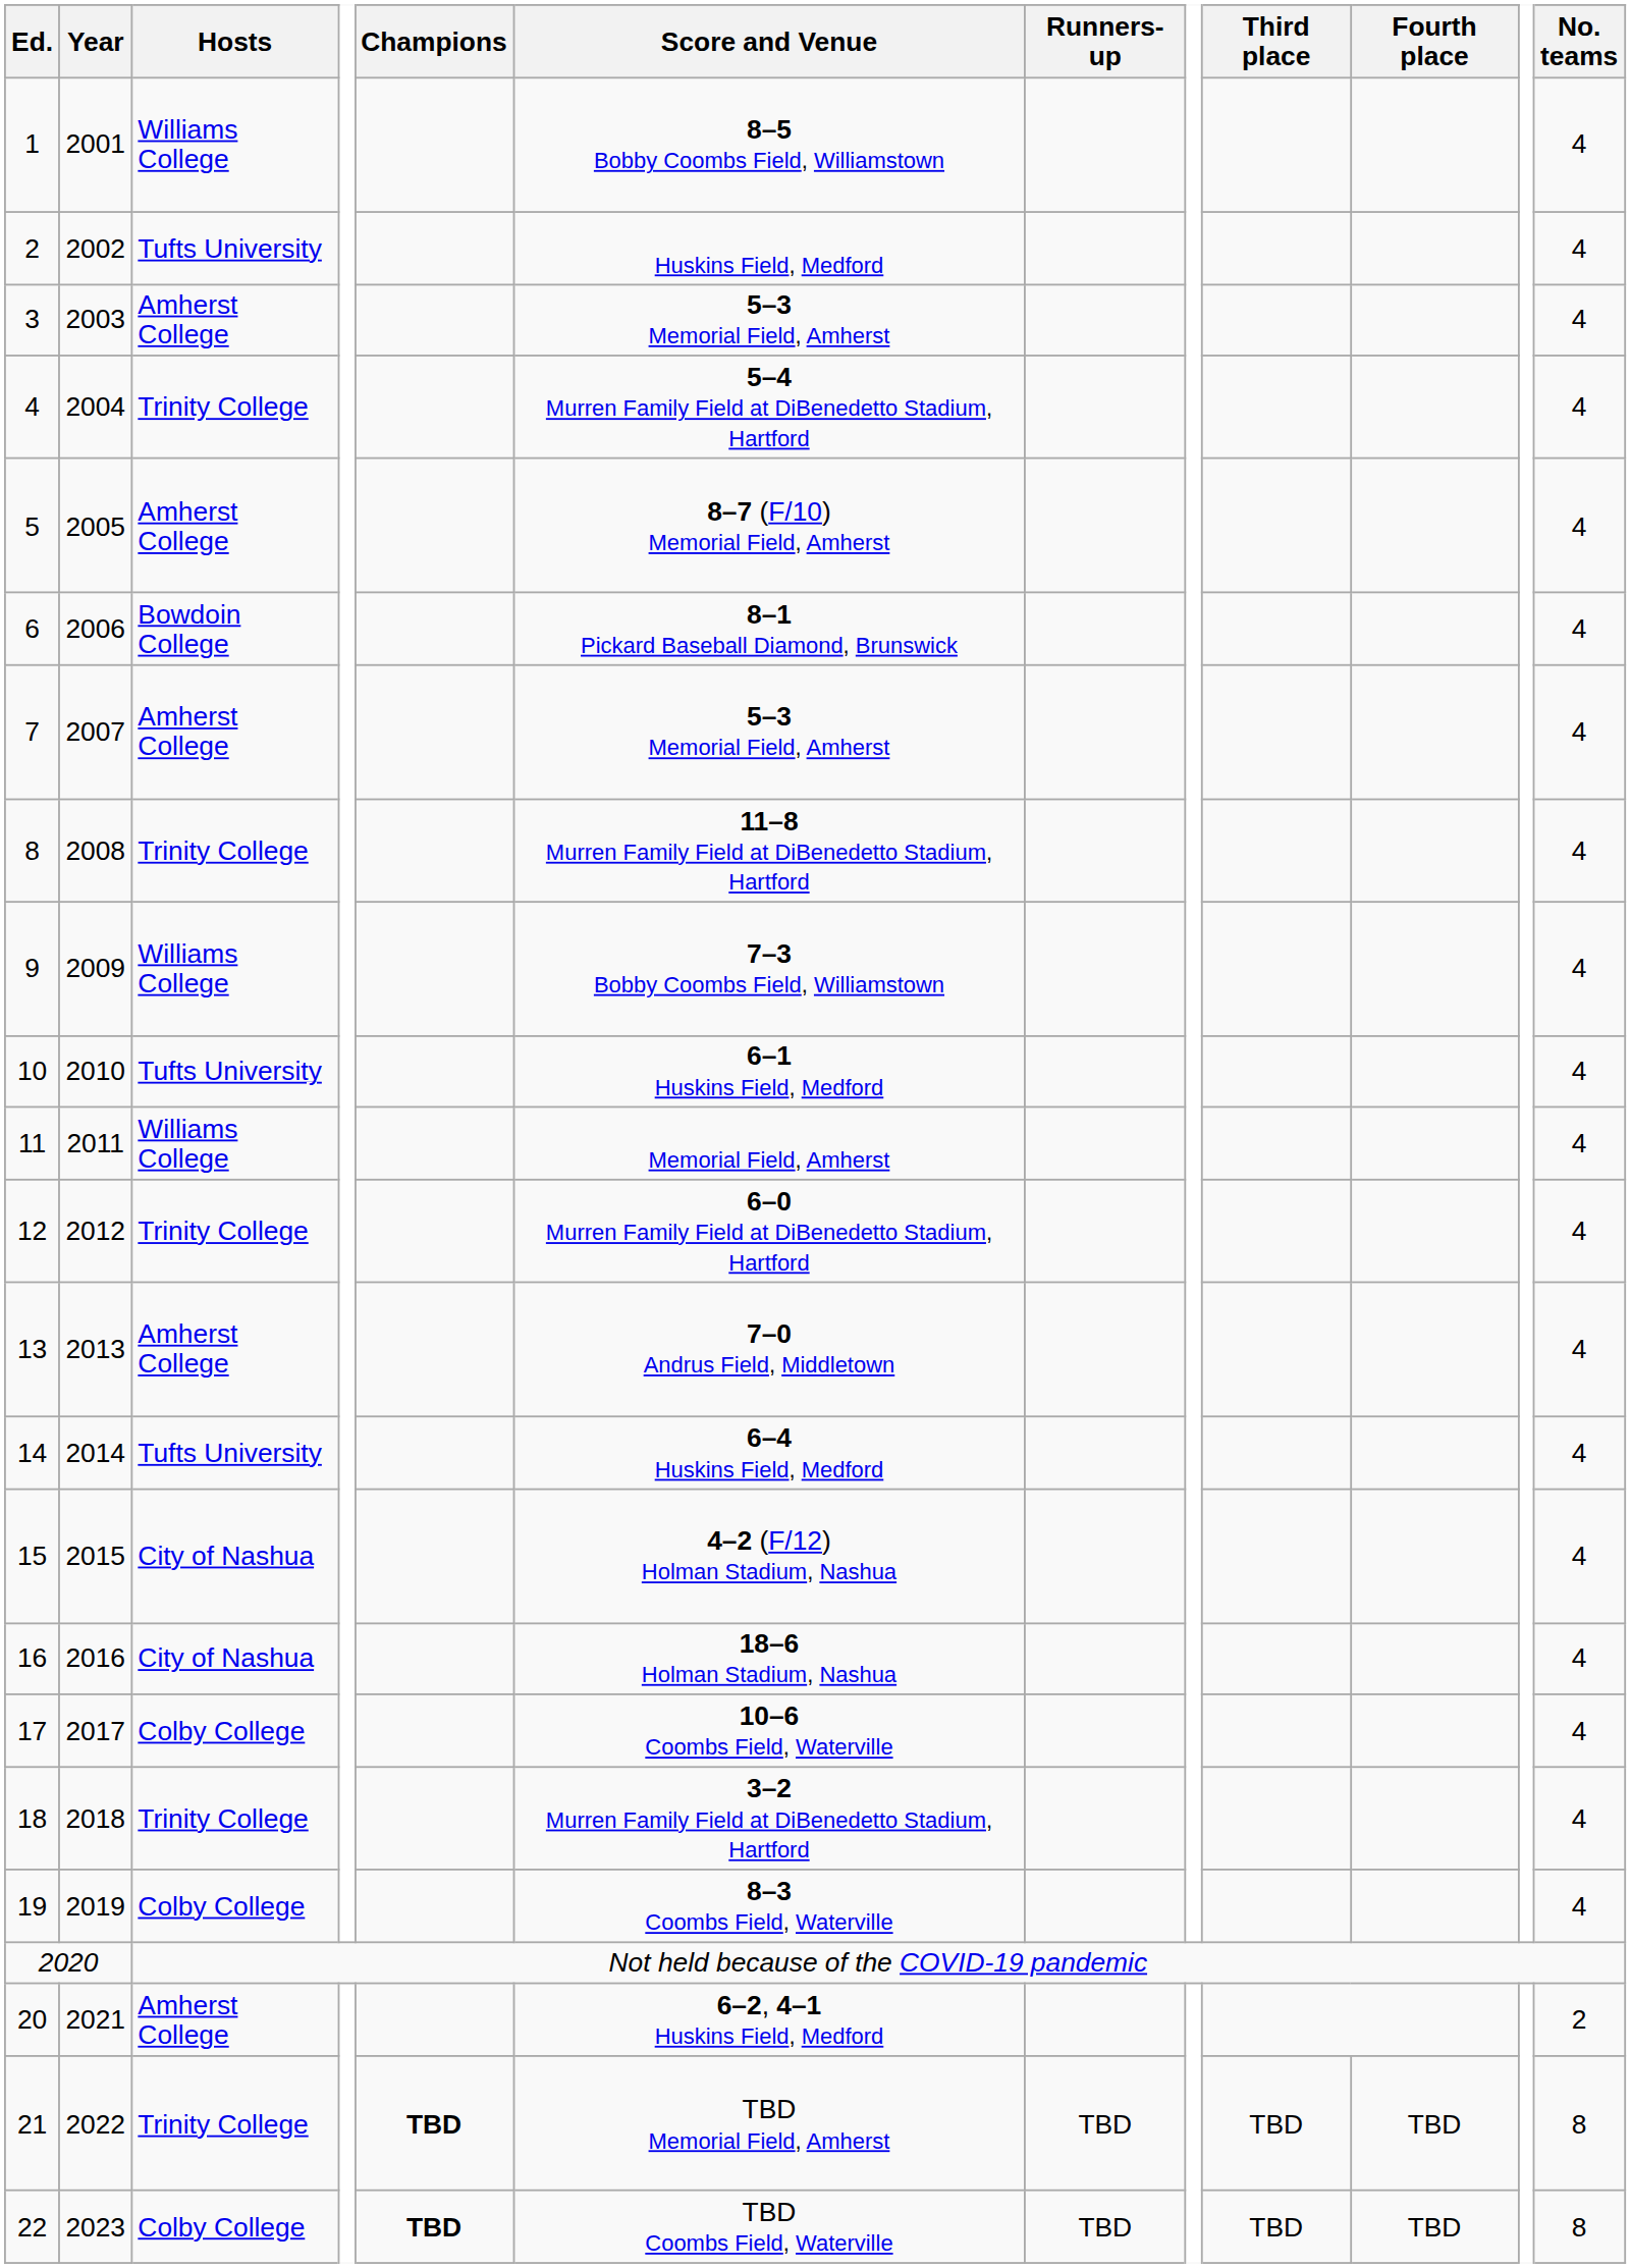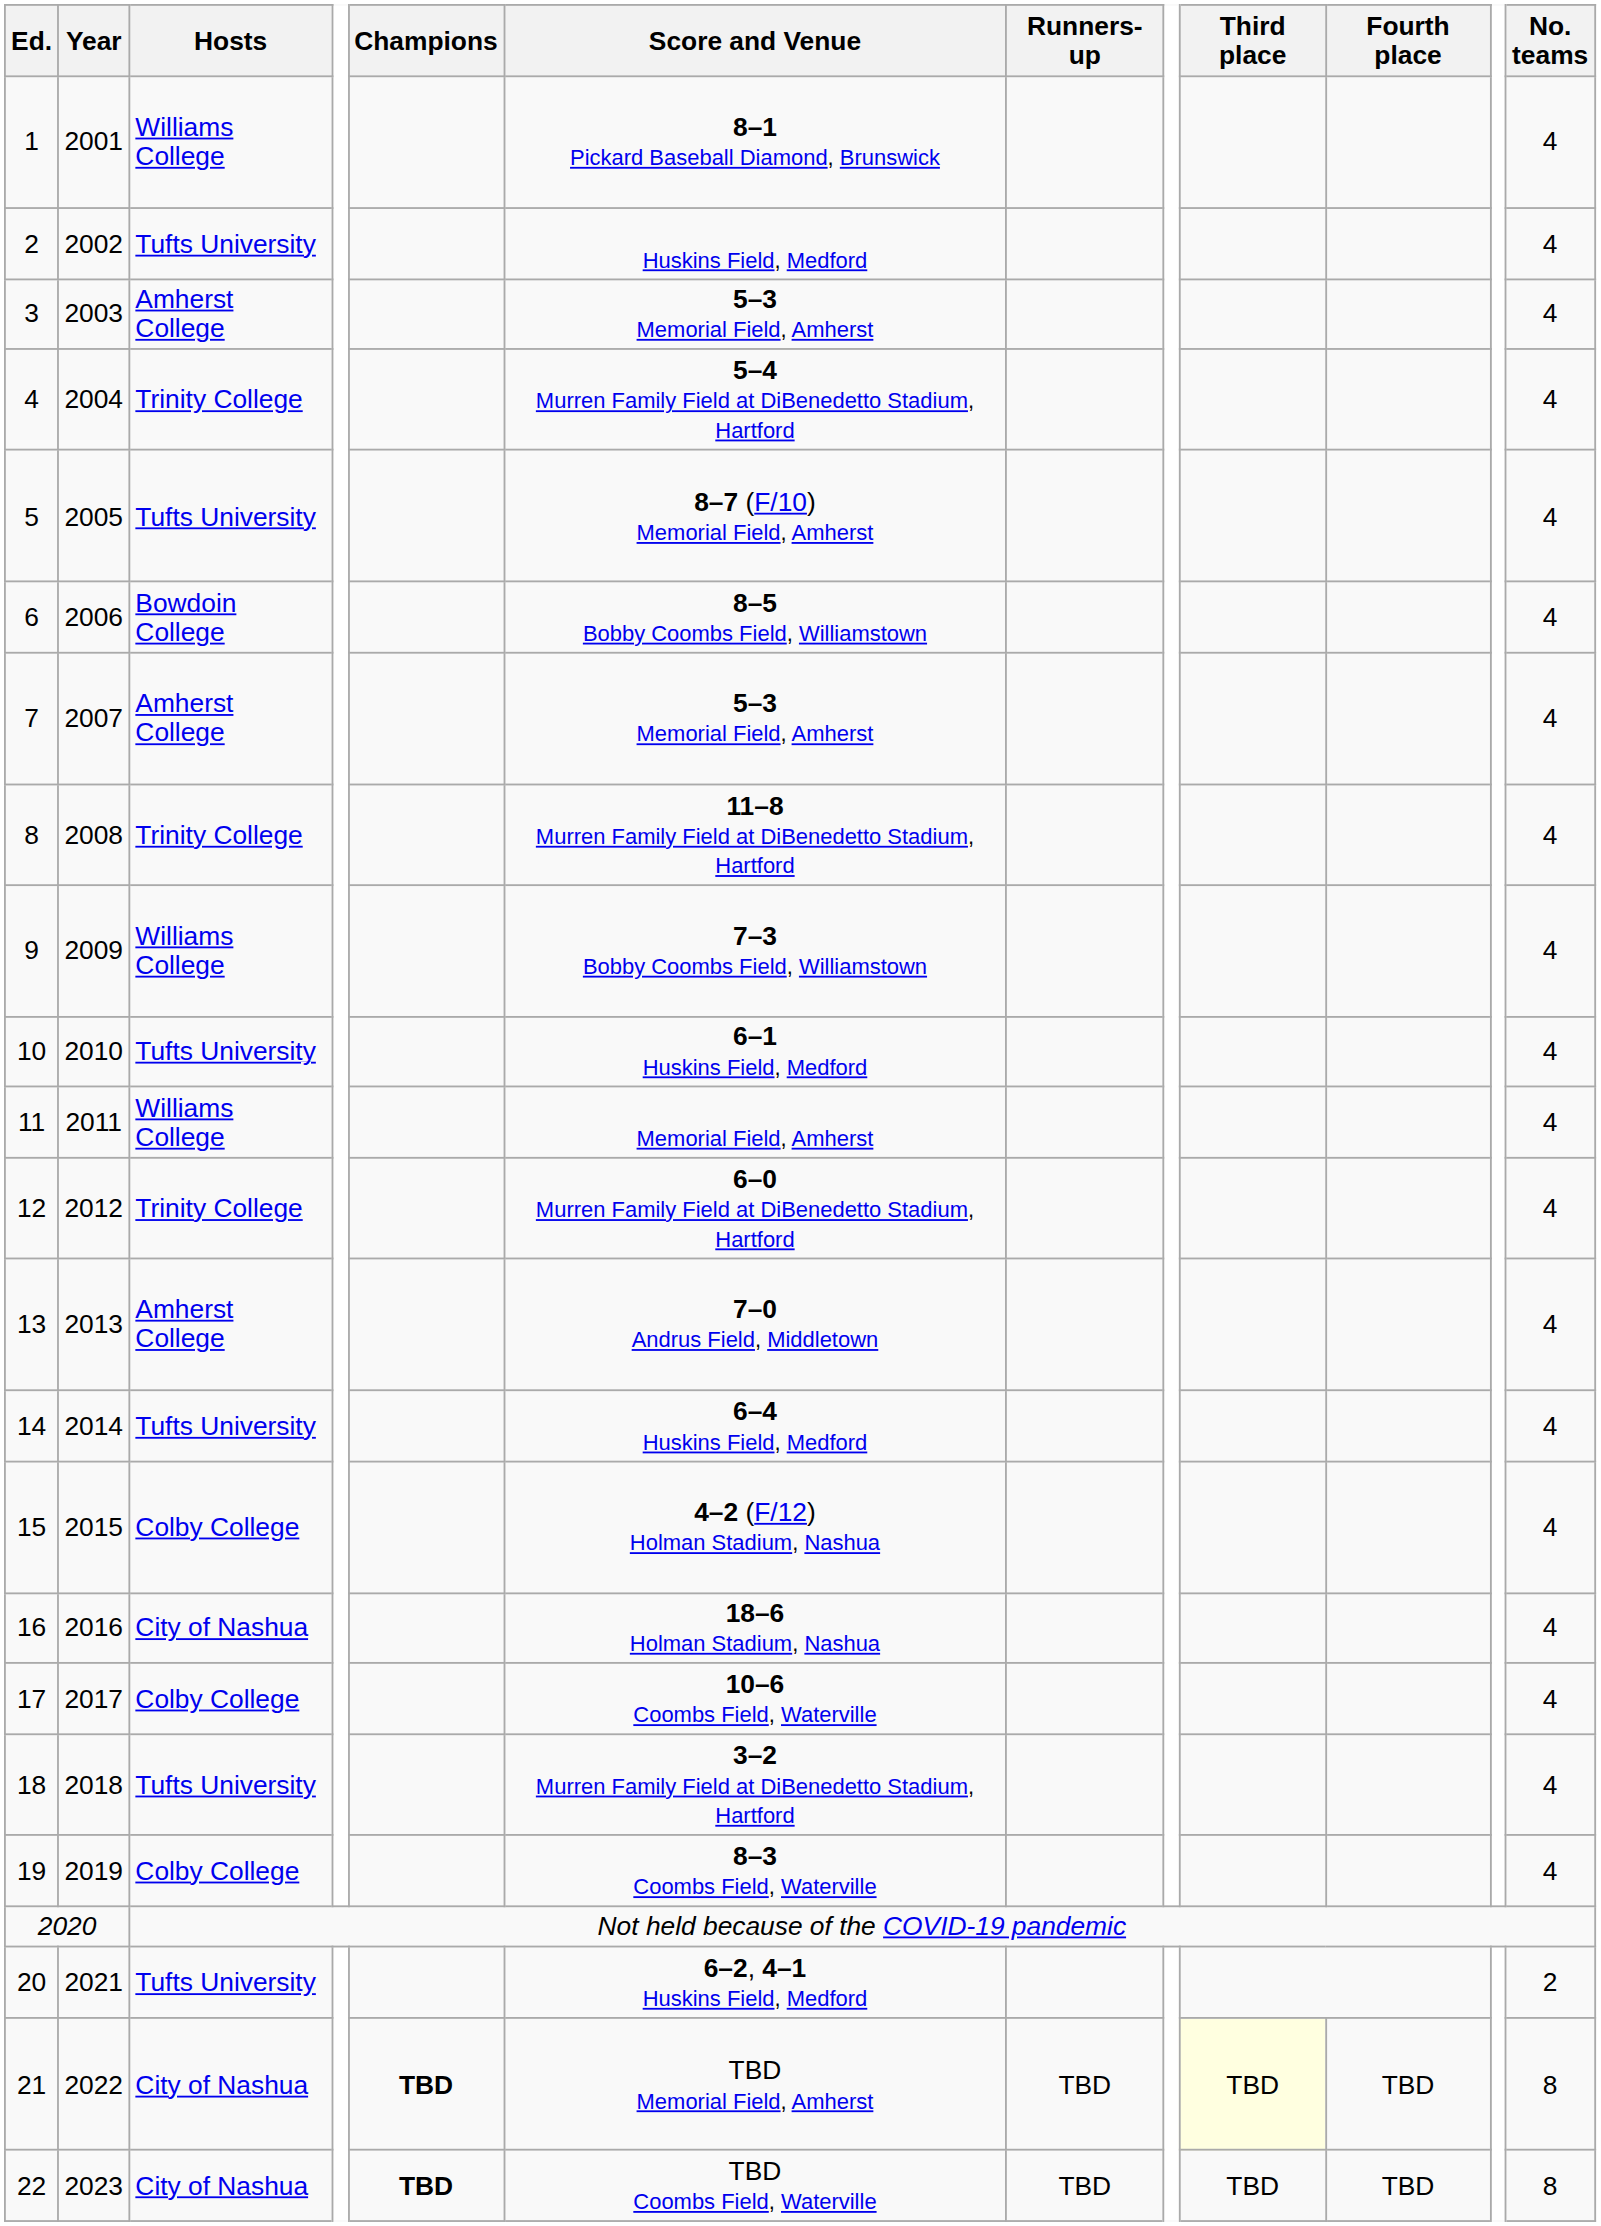 <table class="wikitable" style="text-align:center; font-size:90%; width:%;">
 <tr>
 <th>Ed.</th>
 <th>Year</th>
 <th>Hosts</th>
 <td rowspan="20" style="width:1%;background:#fff;border-top-style:hidden;"></td>
 <th>Champions</th>
 <th>Score and Venue</th>
 <th>Runners-up</th>
 <td rowspan="20" style="width:1%;background:#fff;border-top-style:hidden;"></td>
 <th>Third place</th>
 <th>Fourth place</th>
 <td rowspan="20" style="width:1%;background:#fff;border-top-style:hidden;"></td>
 <th>No.<br>teams</th>
 </tr>
 <tr style="height: 5em;">
 <td>1</td>
 <td>2001</td>
 <td align=left><a href='#'>Williams College</a></td>
 <td><strong></strong></td>
-<td><strong>8–5</strong> <br><small><a href='#'>Bobby Coombs Field</a>, <a href='#'>Williamstown</a></small></td>
+<td><strong>8–1</strong> <br><small><a href='#'>Pickard Baseball Diamond</a>, <a href='#'>Brunswick</a></small></td>
 <td></td>
 <td></td>
 <td></td>
 <td>4</td>
 </tr>
 <tr>
 <td>2</td>
 <td>2002</td>
 <td align=left><a href='#'>Tufts University</a></td>
 <td><strong></strong></td>
 <td><br><small><a href='#'>Huskins Field</a>, <a href='#'>Medford</a></small></td>
 <td></td>
 <td></td>
 <td></td>
 <td>4</td>
 </tr>
 <tr>
 <td>3</td>
 <td>2003</td>
 <td align=left><a href='#'>Amherst College</a></td>
 <td><strong></strong></td>
 <td><strong>5–3</strong> <br><small><a href='#'>Memorial Field</a>, <a href='#'>Amherst</a></small></td>
 <td></td>
 <td></td>
 <td></td>
 <td>4</td>
 </tr>
 <tr>
 <td>4</td>
 <td>2004</td>
 <td align=left><a href='#'>Trinity College</a></td>
 <td><strong></strong></td>
 <td><strong>5–4</strong> <br><small><a href='#'>Murren Family Field at DiBenedetto Stadium</a>, <a href='#'>Hartford</a></small></td>
 <td></td>
 <td></td>
 <td></td>
 <td>4</td>
 </tr>
 <tr style="height: 5em;">
 <td>5</td>
 <td>2005</td>
-<td align=left><a href='#'>Amherst College</a></td>
+<td align=left><a href='#'>Tufts University</a></td>
 <td><strong></strong></td>
 <td><strong>8–7</strong> (<a href='#'>F/10</a>) <br><small><a href='#'>Memorial Field</a>, <a href='#'>Amherst</a></small></td>
 <td></td>
 <td></td>
 <td></td>
 <td>4</td>
 </tr>
 <tr>
 <td>6</td>
 <td>2006</td>
 <td align=left><a href='#'>Bowdoin College</a></td>
 <td><strong></strong></td>
-<td><strong>8–1</strong> <br><small><a href='#'>Pickard Baseball Diamond</a>, <a href='#'>Brunswick</a></small></td>
+<td><strong>8–5</strong> <br><small><a href='#'>Bobby Coombs Field</a>, <a href='#'>Williamstown</a></small></td>
 <td></td>
 <td></td>
 <td></td>
 <td>4</td>
 </tr>
 <tr style="height: 5em;">
 <td>7</td>
 <td>2007</td>
 <td align=left><a href='#'>Amherst College</a></td>
 <td><strong></strong></td>
 <td><strong>5–3</strong> <br><small><a href='#'>Memorial Field</a>, <a href='#'>Amherst</a></small></td>
 <td></td>
 <td></td>
 <td></td>
 <td>4</td>
 </tr>
 <tr>
 <td>8</td>
 <td>2008</td>
 <td align=left><a href='#'>Trinity College</a></td>
 <td><strong></strong></td>
 <td><strong>11–8</strong> <br><small><a href='#'>Murren Family Field at DiBenedetto Stadium</a>, <a href='#'>Hartford</a></small></td>
 <td></td>
 <td></td>
 <td></td>
 <td>4</td>
 </tr>
 <tr style="height: 5em;">
 <td>9</td>
 <td>2009</td>
 <td align=left><a href='#'>Williams College</a></td>
 <td><strong></strong></td>
 <td><strong>7–3</strong> <br><small><a href='#'>Bobby Coombs Field</a>, <a href='#'>Williamstown</a></small></td>
 <td></td>
 <td></td>
 <td></td>
 <td>4</td>
 </tr>
 <tr>
 <td>10</td>
 <td>2010</td>
 <td align=left><a href='#'>Tufts University</a></td>
 <td><strong></strong></td>
 <td><strong>6–1</strong> <br><small><a href='#'>Huskins Field</a>, <a href='#'>Medford</a></small></td>
 <td></td>
 <td></td>
 <td></td>
 <td>4</td>
 </tr>
 <tr>
 <td>11</td>
 <td>2011</td>
 <td align=left><a href='#'>Williams College</a></td>
 <td><strong></strong></td>
 <td><br><small><a href='#'>Memorial Field</a>, <a href='#'>Amherst</a></small></td>
 <td></td>
 <td></td>
 <td></td>
 <td>4</td>
 </tr>
 <tr>
 <td>12</td>
 <td>2012</td>
 <td align=left><a href='#'>Trinity College</a></td>
 <td><strong></strong></td>
 <td><strong>6–0</strong> <br><small><a href='#'>Murren Family Field at DiBenedetto Stadium</a>, <a href='#'>Hartford</a></small></td>
 <td></td>
 <td></td>
 <td></td>
 <td>4</td>
 </tr>
 <tr style="height: 5em;">
 <td>13</td>
 <td>2013</td>
 <td align=left><a href='#'>Amherst College</a></td>
 <td><strong></strong></td>
 <td><strong>7–0</strong> <br><small><a href='#'>Andrus Field</a>, <a href='#'>Middletown</a></small></td>
 <td></td>
 <td></td>
 <td></td>
 <td>4</td>
 </tr>
 <tr>
 <td>14</td>
 <td>2014</td>
 <td align=left><a href='#'>Tufts University</a></td>
 <td><strong></strong></td>
 <td><strong>6–4</strong> <br><small><a href='#'>Huskins Field</a>, <a href='#'>Medford</a></small></td>
 <td></td>
 <td></td>
 <td></td>
 <td>4</td>
 </tr>
 <tr style="height: 5em;">
 <td>15</td>
 <td>2015</td>
-<td align=left><a href='#'>City of Nashua</a></td>
+<td align=left><a href='#'>Colby College</a></td>
 <td><strong></strong></td>
 <td><strong>4–2</strong> (<a href='#'>F/12</a>) <br><small><a href='#'>Holman Stadium</a>, <a href='#'>Nashua</a></small></td>
 <td></td>
 <td></td>
 <td></td>
 <td>4</td>
 </tr>
 <tr>
 <td>16</td>
 <td>2016</td>
 <td align=left><a href='#'>City of Nashua</a></td>
 <td><strong></strong></td>
 <td><strong>18–6</strong> <br><small><a href='#'>Holman Stadium</a>, <a href='#'>Nashua</a></small></td>
 <td></td>
 <td></td>
 <td></td>
 <td>4</td>
 </tr>
 <tr>
 <td>17</td>
 <td>2017</td>
 <td align=left><a href='#'>Colby College</a></td>
 <td><strong></strong></td>
 <td><strong>10–6</strong> <br><small><a href='#'>Coombs Field</a>, <a href='#'>Waterville</a></small></td>
 <td></td>
 <td></td>
 <td></td>
 <td>4</td>
 </tr>
 <tr>
 <td>18</td>
 <td>2018</td>
-<td align=left><a href='#'>Trinity College</a></td>
+<td align=left><a href='#'>Tufts University</a></td>
 <td><strong></strong></td>
 <td><strong>3–2</strong> <br><small><a href='#'>Murren Family Field at DiBenedetto Stadium</a>, <a href='#'>Hartford</a></small></td>
 <td></td>
 <td></td>
 <td></td>
 <td>4</td>
 </tr>
 <tr>
 <td>19</td>
 <td>2019</td>
 <td align=left><a href='#'>Colby College</a></td>
 <td><strong></strong></td>
 <td><strong>8–3</strong> <br><small><a href='#'>Coombs Field</a>, <a href='#'>Waterville</a></small></td>
 <td></td>
 <td></td>
 <td></td>
 <td>4</td>
 </tr>
 <tr>
 <td colspan="2"><em>2020</em></td>
 <td colspan="10"><em>Not held because of the <a href='#'>COVID-19 pandemic</a></em></td>
 </tr>
 <tr>
 <td>20</td>
 <td>2021</td>
-<td align=left><a href='#'>Amherst College</a></td>
+<td align=left><a href='#'>Tufts University</a></td>
 <td rowspan="3" style="width:1%;background:#fff;border-bottom-style:hidden;"></td>
 <td><strong></strong></td>
 <td><strong>6–2</strong>, <strong>4–1</strong> <br><small><a href='#'>Huskins Field</a>, <a href='#'>Medford</a></small></td>
 <td></td>
 <td rowspan="3" style="width:1%;background:#fff;border-bottom-style:hidden;"></td>
 <td colspan="2"></td>
 <td rowspan="3" style="width:1%;background:#fff;border-bottom-style:hidden;"></td>
 <td>2</td>
 </tr>
 <tr style="height: 5em;">
 <td>21</td>
 <td>2022</td>
-<td align=left><a href='#'>Trinity College</a></td>
+<td align=left><a href='#'>City of Nashua</a></td>
 <td><strong>TBD</strong></td>
 <td>TBD <br><small><a href='#'>Memorial Field</a>, <a href='#'>Amherst</a></small></td>
 <td>TBD</td>
-<td>TBD</td>
+<td style="background: lightyellow;">TBD</td>
 <td>TBD</td>
 <td>8</td>
 </tr>
 <tr>
 <td>22</td>
 <td>2023</td>
-<td align=left><a href='#'>Colby College</a></td>
+<td align=left><a href='#'>City of Nashua</a></td>
 <td><strong>TBD</strong></td>
 <td>TBD <br><small><a href='#'>Coombs Field</a>, <a href='#'>Waterville</a></small></td>
 <td>TBD</td>
 <td>TBD</td>
 <td>TBD</td>
 <td>8</td>
 </tr>
 </table>
